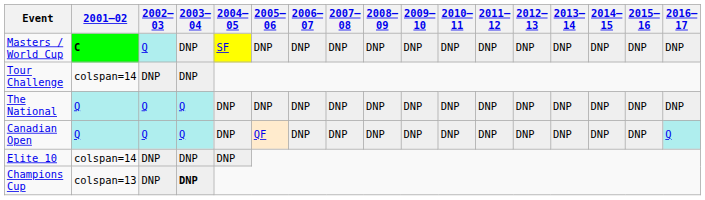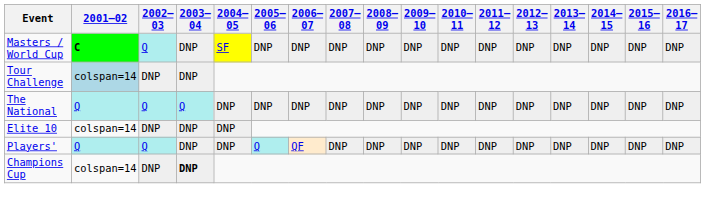 <table class="wikitable">
 <tr>
 <th>Event</th>
 <th><a href='#'>2001–02</a></th>
 <th><a href='#'>2002–03</a></th>
 <th><a href='#'>2003–04</a></th>
 <th><a href='#'>2004–05</a></th>
 <th><a href='#'>2005–06</a></th>
 <th><a href='#'>2006–07</a></th>
 <th><a href='#'>2007–08</a></th>
 <th><a href='#'>2008–09</a></th>
 <th><a href='#'>2009–10</a></th>
 <th><a href='#'>2010–11</a></th>
 <th><a href='#'>2011–12</a></th>
 <th><a href='#'>2012–13</a></th>
 <th><a href='#'>2013–14</a></th>
 <th><a href='#'>2014–15</a></th>
 <th><a href='#'>2015–16</a></th>
 <th><a href='#'>2016–17</a></th>
 </tr>
 <tr>
 <td><a href='#'>Masters / World Cup</a></td>
 <td style="background:#0f0;"><strong>C</strong></td>
 <td style="background:#afeeee;"><a href='#'>Q</a></td>
 <td style="background:#EFEFEF;">DNP</td>
 <td style="background:yellow;"><a href='#'>SF</a></td>
 <td style="background:#EFEFEF;">DNP</td>
 <td style="background:#EFEFEF;">DNP</td>
 <td style="background:#EFEFEF;">DNP</td>
 <td style="background:#EFEFEF;">DNP</td>
 <td style="background:#EFEFEF;">DNP</td>
 <td style="background:#EFEFEF;">DNP</td>
 <td style="background:#EFEFEF;">DNP</td>
 <td style="background:#EFEFEF;">DNP</td>
 <td style="background:#EFEFEF;">DNP</td>
 <td style="background:#EFEFEF;">DNP</td>
 <td style="background:#EFEFEF;">DNP</td>
 <td style="background:#EFEFEF;">DNP</td>
 </tr>
 <tr>
 <td><a href='#'>Tour Challenge</a></td>
-<td>colspan=14 </td>
+<td style="background: lightblue;">colspan=14 </td>
 <td style="background:#EFEFEF;">DNP</td>
 <td style="background:#EFEFEF;">DNP</td>
 </tr>
 <tr>
 <td><a href='#'>The National</a></td>
 <td style="background:#afeeee;"><a href='#'>Q</a></td>
 <td style="background:#afeeee;"><a href='#'>Q</a></td>
 <td style="background:#afeeee;"><a href='#'>Q</a></td>
 <td style="background:#EFEFEF;">DNP</td>
 <td style="background:#EFEFEF;">DNP</td>
 <td style="background:#EFEFEF;">DNP</td>
 <td style="background:#EFEFEF;">DNP</td>
 <td style="background:#EFEFEF;">DNP</td>
 <td style="background:#EFEFEF;">DNP</td>
 <td style="background:#EFEFEF;">DNP</td>
 <td style="background:#EFEFEF;">DNP</td>
 <td style="background:#EFEFEF;">DNP</td>
 <td style="background:#EFEFEF;">DNP</td>
 <td style="background:#EFEFEF;">DNP</td>
 <td style="background:#EFEFEF;">DNP</td>
 <td style="background:#EFEFEF;">DNP</td>
 </tr>
 <tr>
-<td><a href='#'>Canadian Open</a></td>
-<td style="background:#afeeee;"><a href='#'>Q</a></td>
+<td><a href='#'>Elite 10</a></td>
+<td>colspan=14 </td>
+<td style="background:#EFEFEF;">DNP</td>
+<td style="background:#EFEFEF;">DNP</td>
+<td style="background:#EFEFEF;">DNP</td>
+</tr>
+<tr>
+<td><a href='#'>Players'</a></td>
 <td style="background:#afeeee;"><a href='#'>Q</a></td>
 <td style="background:#afeeee;"><a href='#'>Q</a></td>
 <td style="background:#EFEFEF;">DNP</td>
+<td style="background:#EFEFEF;">DNP</td>
+<td style="background:#afeeee;"><a href='#'>Q</a></td>
 <td style="background:#ffebcd;"><a href='#'>QF</a></td>
 <td style="background:#EFEFEF;">DNP</td>
 <td style="background:#EFEFEF;">DNP</td>
 <td style="background:#EFEFEF;">DNP</td>
 <td style="background:#EFEFEF;">DNP</td>
 <td style="background:#EFEFEF;">DNP</td>
 <td style="background:#EFEFEF;">DNP</td>
 <td style="background:#EFEFEF;">DNP</td>
 <td style="background:#EFEFEF;">DNP</td>
 <td style="background:#EFEFEF;">DNP</td>
 <td style="background:#EFEFEF;">DNP</td>
-<td style="background:#afeeee;"><a href='#'>Q</a></td>
-</tr>
-<tr>
-<td><a href='#'>Elite 10</a></td>
-<td>colspan=14 </td>
-<td style="background:#EFEFEF;">DNP</td>
-<td style="background:#EFEFEF;">DNP</td>
-<td style="background:#EFEFEF;">DNP</td>
 </tr>
 <tr>
 <td><a href='#'>Champions Cup</a></td>
-<td>colspan=13 </td>
+<td>colspan=14 </td>
 <td style="background:#EFEFEF;">DNP</td>
 <td style="background:#EFEFEF;"><strong>DNP</strong></td>
 </tr>
 </table>
